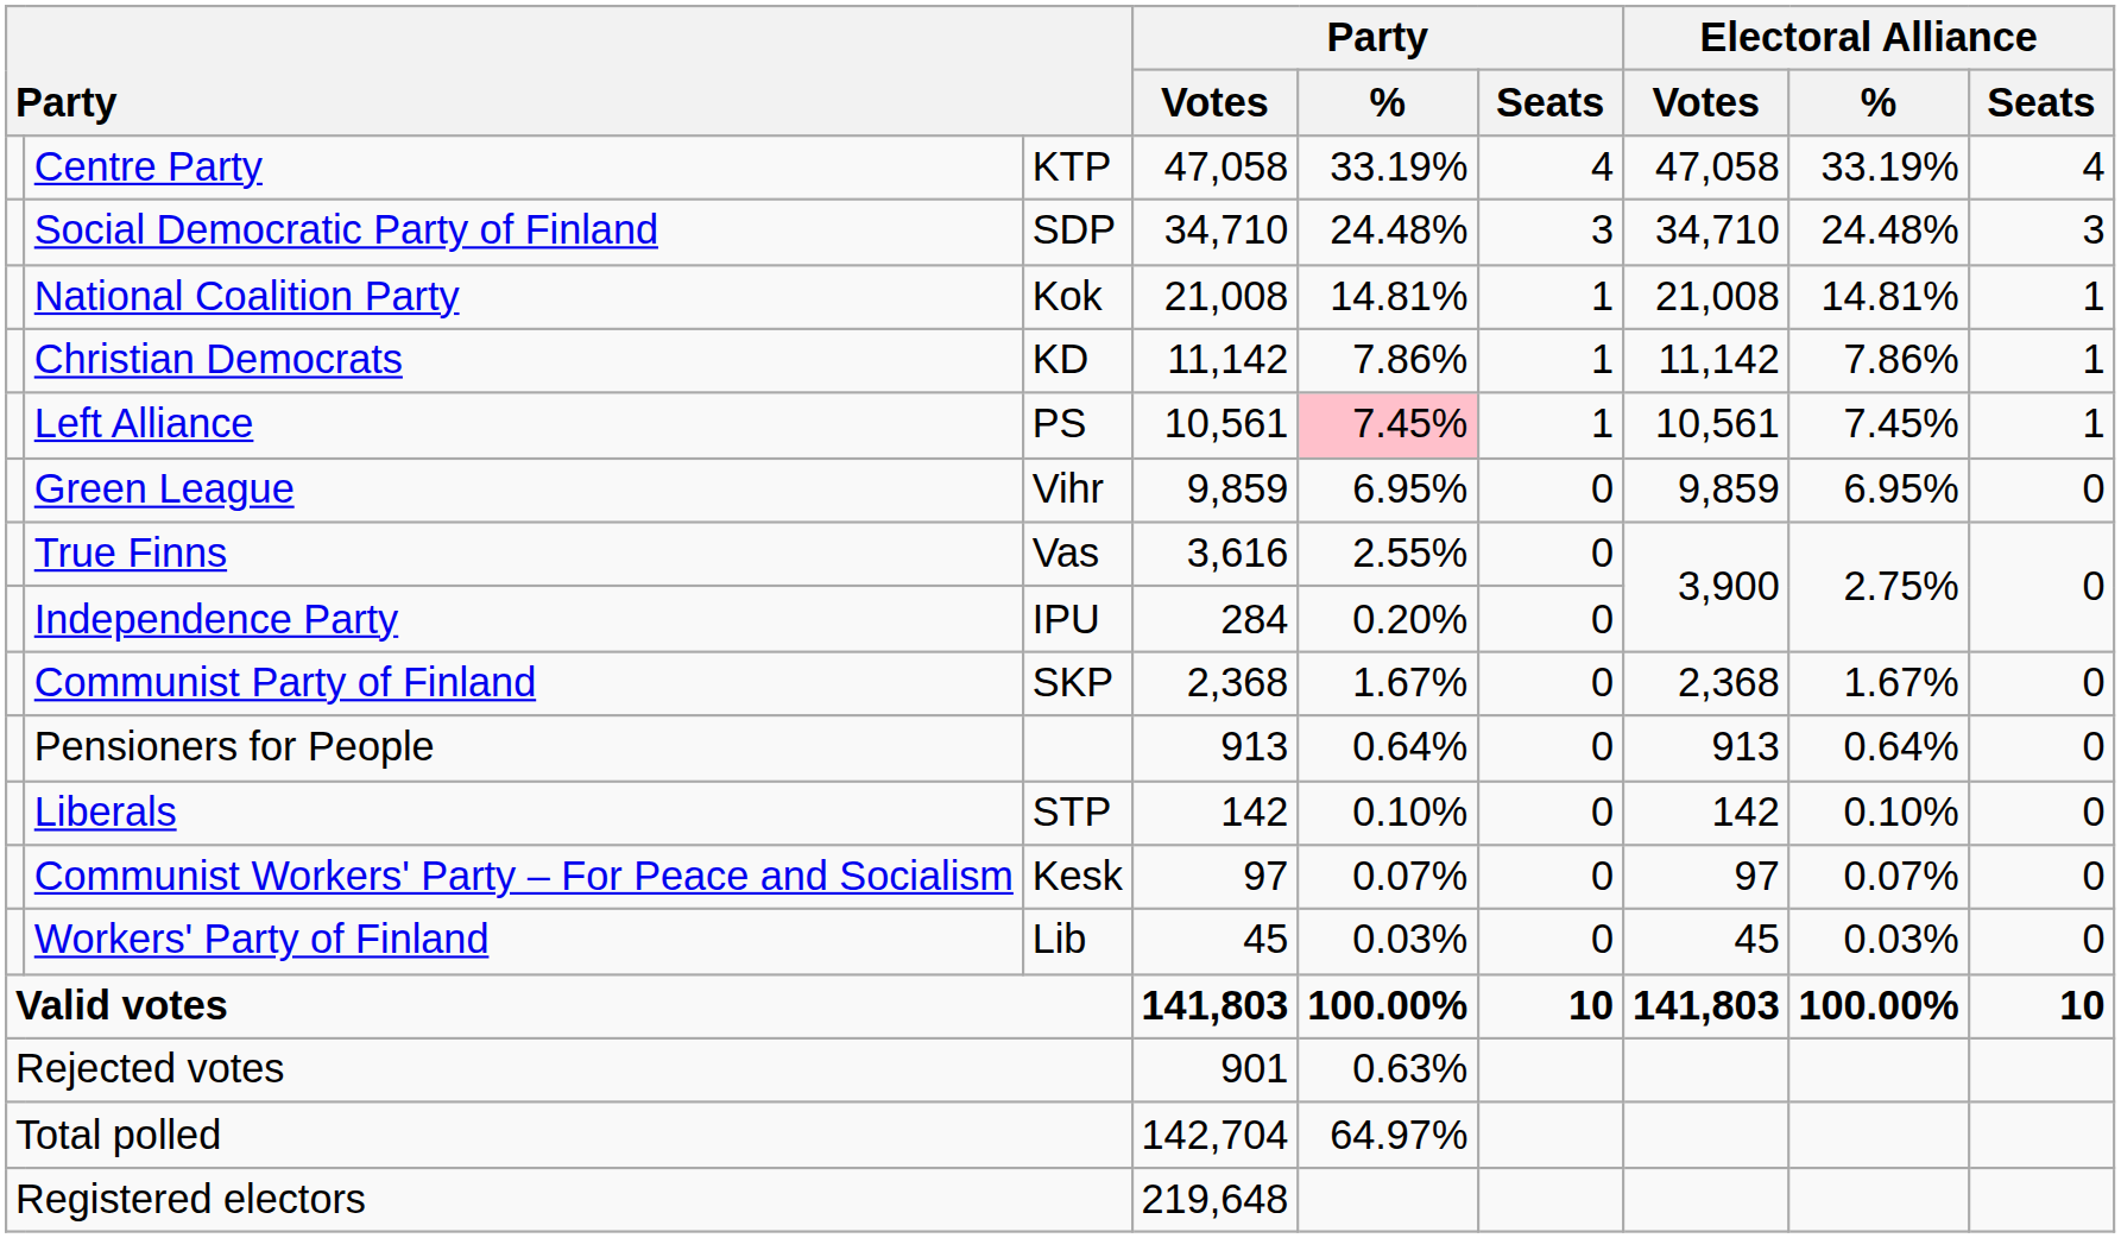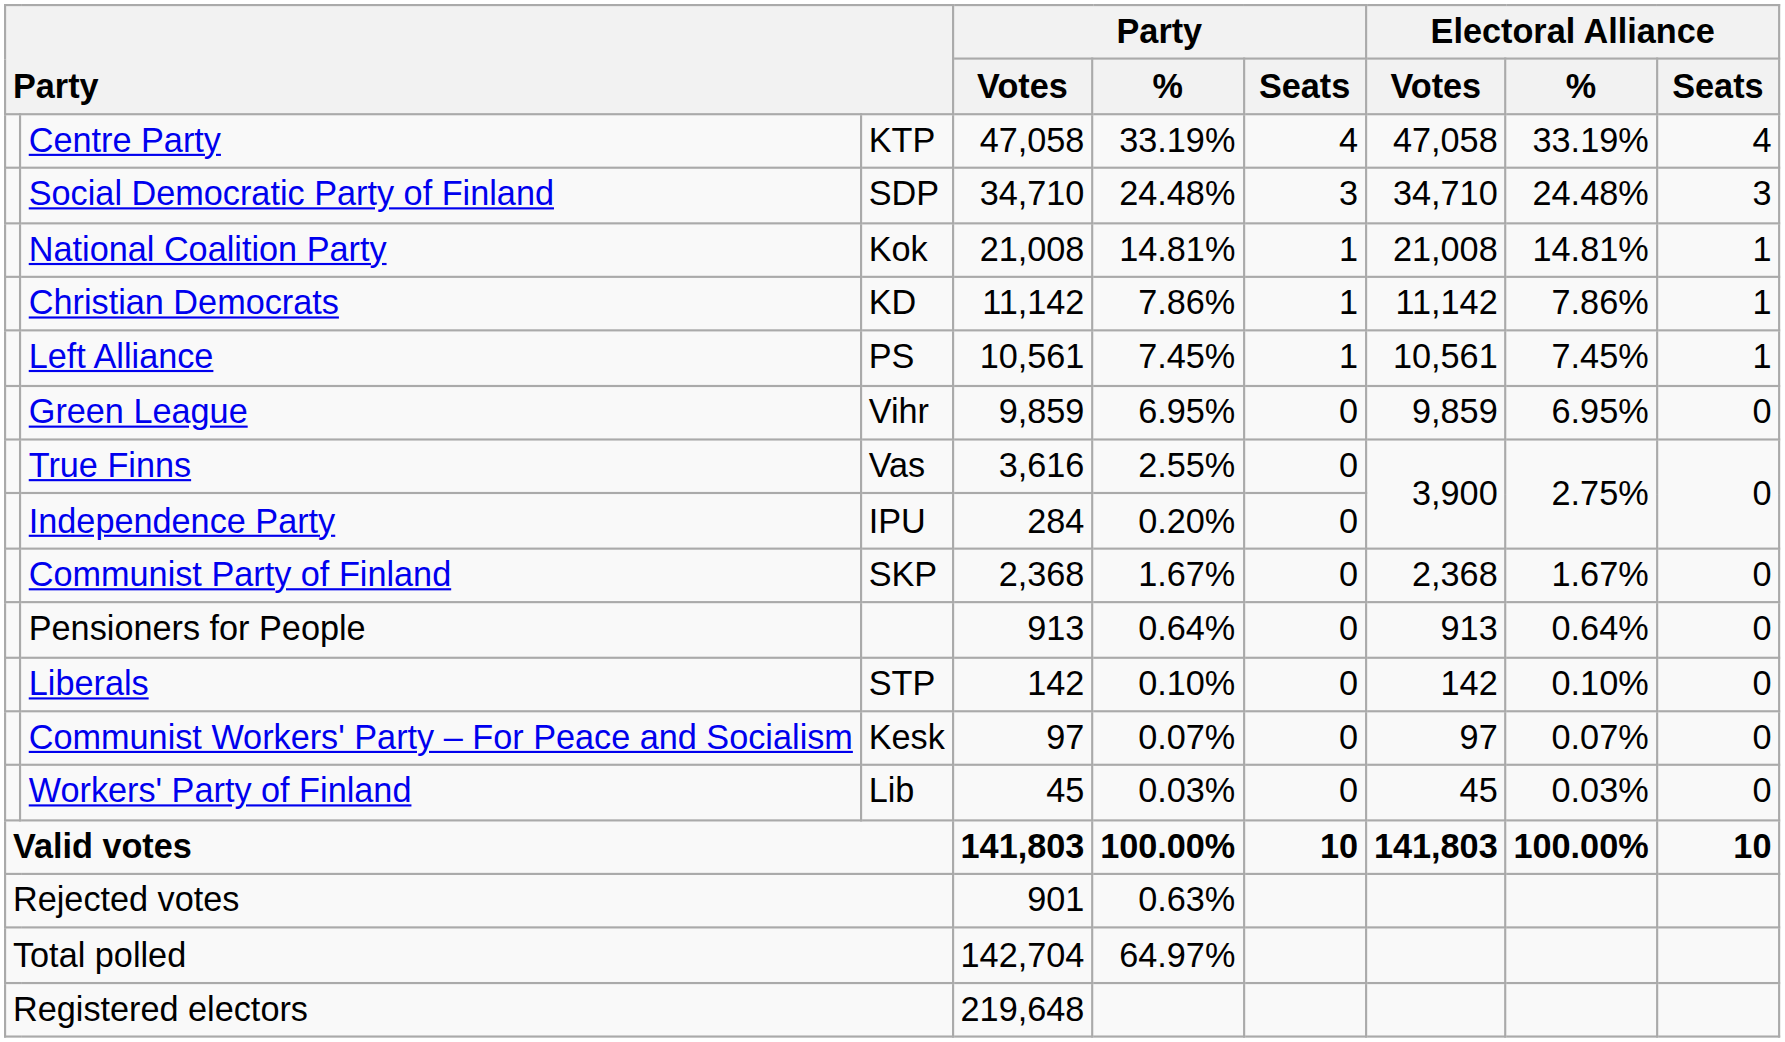 <table class="wikitable" border="1" style="text-align:right;">
 <tr>
 <th style="text-align:left;" valign=bottom rowspan=2 colspan=3>Party</th>
 <th colspan=3>Party</th>
 <th colspan=3>Electoral Alliance</th>
 </tr>
 <tr>
 <th align=center valign=bottom width="50">Votes</th>
 <th align=center valign=bottom width="50">%</th>
 <th align=center valign=bottom width="50">Seats</th>
 <th align=center valign=bottom width="50">Votes</th>
 <th align=center valign=bottom width="50">%</th>
 <th align=center valign=bottom width="50">Seats</th>
 </tr>
 <tr>
 <td></td>
 <td align=left><a href='#'>Centre Party</a></td>
 <td align=left>KTP</td>
 <td>47,058</td>
 <td>33.19%</td>
 <td>4</td>
 <td>47,058</td>
 <td>33.19%</td>
 <td>4</td>
 </tr>
 <tr>
 <td></td>
 <td align=left style="white-space: nowrap;"><a href='#'>Social Democratic Party of Finland</a></td>
 <td align=left>SDP</td>
 <td>34,710</td>
 <td>24.48%</td>
 <td>3</td>
 <td>34,710</td>
 <td>24.48%</td>
 <td>3</td>
 </tr>
 <tr>
 <td></td>
 <td align=left><a href='#'>National Coalition Party</a></td>
 <td align=left>Kok</td>
 <td>21,008</td>
 <td>14.81%</td>
 <td>1</td>
 <td>21,008</td>
 <td>14.81%</td>
 <td>1</td>
 </tr>
 <tr>
 <td></td>
 <td align=left><a href='#'>Christian Democrats</a></td>
 <td align=left>KD</td>
 <td>11,142</td>
 <td>7.86%</td>
 <td>1</td>
 <td>11,142</td>
 <td>7.86%</td>
 <td>1</td>
 </tr>
 <tr>
 <td></td>
 <td align=left><a href='#'>Left Alliance</a></td>
 <td align=left>PS</td>
 <td>10,561</td>
-<td style="background: pink;">7.45%</td>
+<td>7.45%</td>
 <td>1</td>
 <td>10,561</td>
 <td>7.45%</td>
 <td>1</td>
 </tr>
 <tr>
 <td></td>
 <td align=left><a href='#'>Green League</a></td>
 <td align=left>Vihr</td>
 <td>9,859</td>
 <td>6.95%</td>
 <td>0</td>
 <td>9,859</td>
 <td>6.95%</td>
 <td>0</td>
 </tr>
 <tr>
 <td></td>
 <td align=left><a href='#'>True Finns</a></td>
 <td align=left>Vas</td>
 <td>3,616</td>
 <td>2.55%</td>
 <td>0</td>
 <td rowspan=2>3,900</td>
 <td rowspan=2>2.75%</td>
 <td rowspan=2>0</td>
 </tr>
 <tr>
 <td></td>
 <td align=left><a href='#'>Independence Party</a></td>
 <td align=left>IPU</td>
 <td>284</td>
 <td>0.20%</td>
 <td>0</td>
 </tr>
 <tr>
 <td></td>
 <td align=left><a href='#'>Communist Party of Finland</a></td>
 <td align=left>SKP</td>
 <td>2,368</td>
 <td>1.67%</td>
 <td>0</td>
 <td>2,368</td>
 <td>1.67%</td>
 <td>0</td>
 </tr>
 <tr>
 <td></td>
 <td align=left>Pensioners for People</td>
 <td align=left></td>
 <td>913</td>
 <td>0.64%</td>
 <td>0</td>
 <td>913</td>
 <td>0.64%</td>
 <td>0</td>
 </tr>
 <tr>
 <td></td>
 <td align=left><a href='#'>Liberals</a></td>
 <td align=left>STP</td>
 <td>142</td>
 <td>0.10%</td>
 <td>0</td>
 <td>142</td>
 <td>0.10%</td>
 <td>0</td>
 </tr>
 <tr>
 <td></td>
 <td align=left><a href='#'>Communist Workers' Party – For Peace and Socialism</a></td>
 <td align=left>Kesk</td>
 <td>97</td>
 <td>0.07%</td>
 <td>0</td>
 <td>97</td>
 <td>0.07%</td>
 <td>0</td>
 </tr>
 <tr>
 <td></td>
 <td align=left><a href='#'>Workers' Party of Finland</a></td>
 <td align=left>Lib</td>
 <td>45</td>
 <td>0.03%</td>
 <td>0</td>
 <td>45</td>
 <td>0.03%</td>
 <td>0</td>
 </tr>
 <tr style="font-weight:bold">
 <td align=left colspan=3>Valid votes</td>
 <td>141,803</td>
 <td>100.00%</td>
 <td>10</td>
 <td>141,803</td>
 <td>100.00%</td>
 <td>10</td>
 </tr>
 <tr>
 <td align=left colspan=3>Rejected votes</td>
 <td>901</td>
 <td>0.63%</td>
 <td></td>
 <td></td>
 <td></td>
 <td></td>
 </tr>
 <tr>
 <td align=left colspan=3>Total polled</td>
 <td>142,704</td>
 <td>64.97%</td>
 <td></td>
 <td></td>
 <td></td>
 <td></td>
 </tr>
 <tr>
 <td align=left colspan=3>Registered electors</td>
 <td>219,648</td>
 <td></td>
 <td></td>
 <td></td>
 <td></td>
 <td></td>
 </tr>
 </table>
